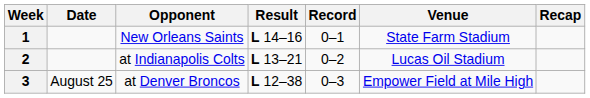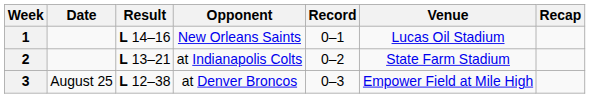 <table class="wikitable" style="text-align:center">
 <tr>
 <th>Week</th>
 <th>Date</th>
+<th>Result</th>
 <th>Opponent</th>
-<th>Result</th>
 <th>Record</th>
 <th>Venue</th>
 <th>Recap</th>
 </tr>
 <tr>
 <th>1</th>
 <td></td>
+<td><strong>L</strong> 14–16</td>
 <td><a href='#'>New Orleans Saints</a></td>
-<td><strong>L</strong> 14–16</td>
 <td>0–1</td>
-<td><a href='#'>State Farm Stadium</a></td>
+<td><a href='#'>Lucas Oil Stadium</a></td>
 <td></td>
 </tr>
 <tr>
 <th>2</th>
 <td></td>
+<td><strong>L</strong> 13–21</td>
 <td>at <a href='#'>Indianapolis Colts</a></td>
-<td><strong>L</strong> 13–21</td>
 <td>0–2</td>
-<td><a href='#'>Lucas Oil Stadium</a></td>
+<td><a href='#'>State Farm Stadium</a></td>
 <td></td>
 </tr>
 <tr>
 <th>3</th>
 <td>August 25</td>
+<td><strong>L</strong> 12–38</td>
 <td>at <a href='#'>Denver Broncos</a></td>
-<td><strong>L</strong> 12–38</td>
 <td>0–3</td>
 <td><a href='#'>Empower Field at Mile High</a></td>
 <td></td>
 </tr>
 </table>
